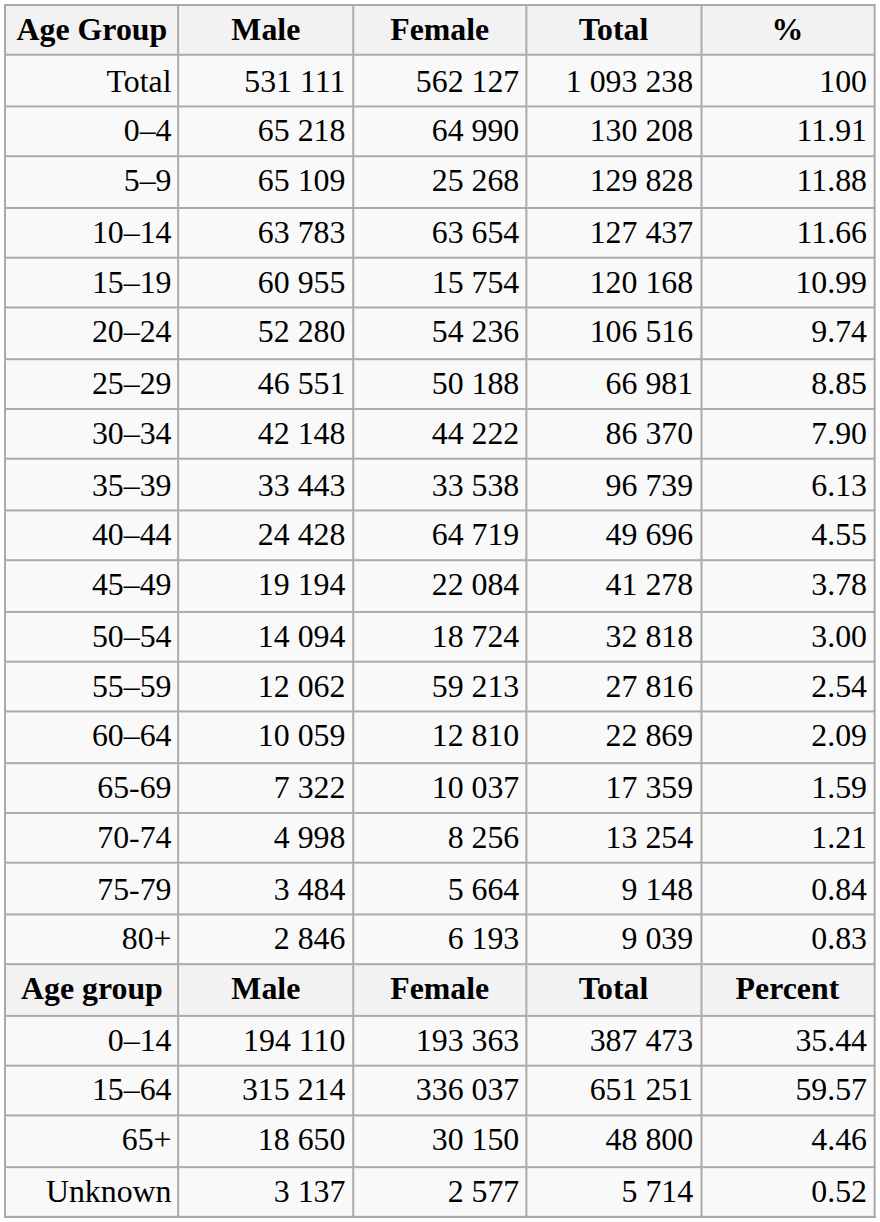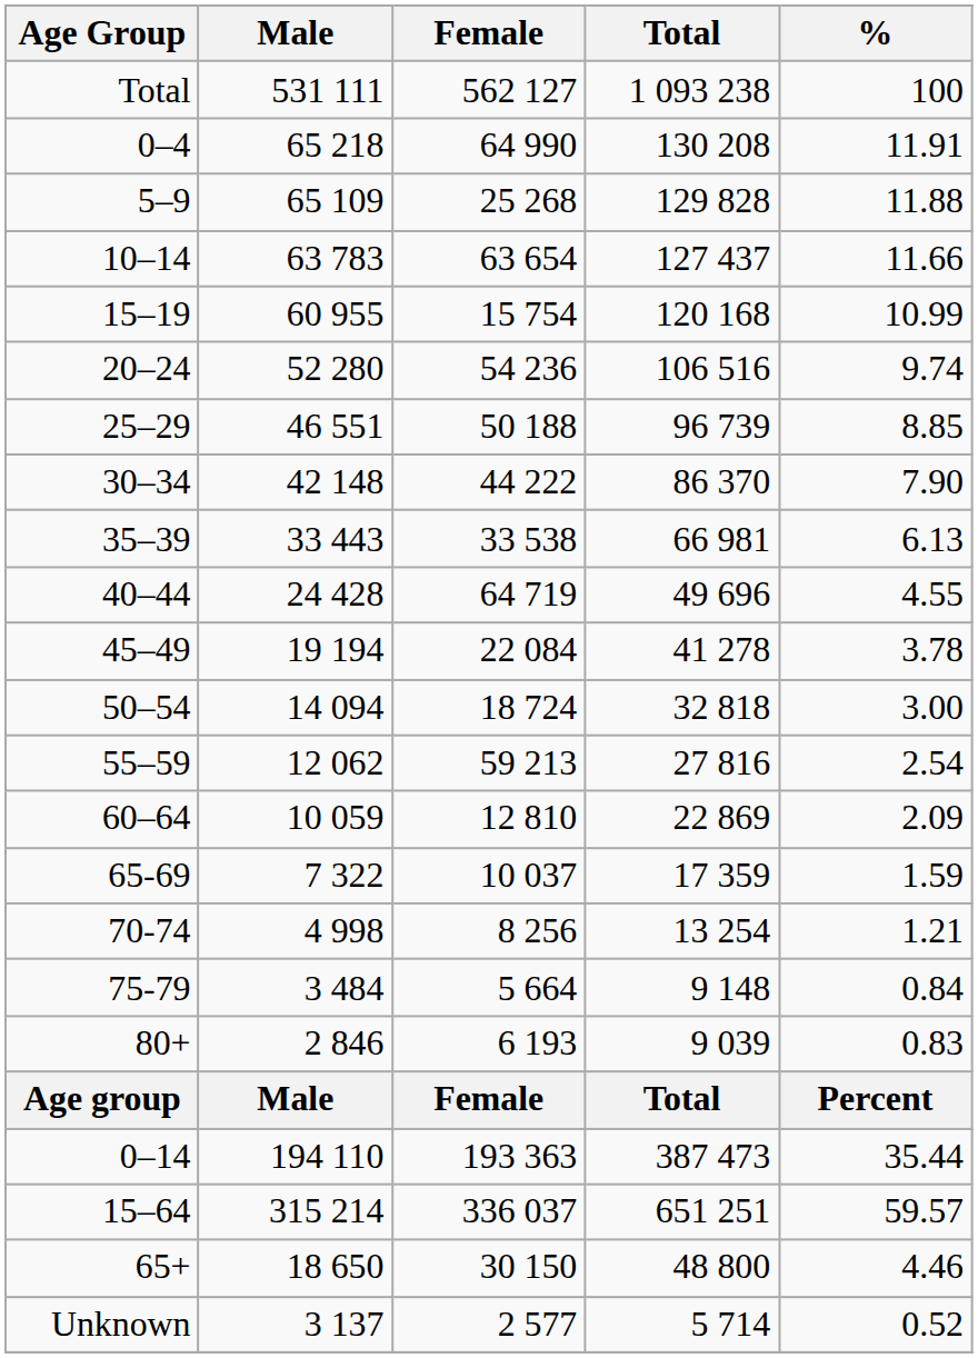 <table class="wikitable">
 <tr>
 <th width="80pt">Age Group</th>
 <th width="80pt">Male</th>
 <th width="80pt">Female</th>
 <th width="80pt">Total</th>
 <th width="80pt">%</th>
 </tr>
 <tr>
 <td align="right">Total</td>
 <td align="right">531 111</td>
 <td align="right">562 127</td>
 <td align="right">1 093 238</td>
 <td align="right">100</td>
 </tr>
 <tr>
 <td align="right">0–4</td>
 <td align="right">65 218</td>
 <td align="right">64 990</td>
 <td align="right">130 208</td>
 <td align="right">11.91</td>
 </tr>
 <tr>
 <td align="right">5–9</td>
 <td align="right">65 109</td>
 <td align="right">25 268</td>
 <td align="right">129 828</td>
 <td align="right">11.88</td>
 </tr>
 <tr>
 <td align="right">10–14</td>
 <td align="right">63 783</td>
 <td align="right">63 654</td>
 <td align="right">127 437</td>
 <td align="right">11.66</td>
 </tr>
 <tr>
 <td align="right">15–19</td>
 <td align="right">60 955</td>
 <td align="right">15 754</td>
 <td align="right">120 168</td>
 <td align="right">10.99</td>
 </tr>
 <tr>
 <td align="right">20–24</td>
 <td align="right">52 280</td>
 <td align="right">54 236</td>
 <td align="right">106 516</td>
 <td align="right">9.74</td>
 </tr>
 <tr>
 <td align="right">25–29</td>
 <td align="right">46 551</td>
 <td align="right">50 188</td>
-<td align="right">66 981</td>
+<td align="right">96 739</td>
 <td align="right">8.85</td>
 </tr>
 <tr>
 <td align="right">30–34</td>
 <td align="right">42 148</td>
 <td align="right">44 222</td>
 <td align="right">86 370</td>
 <td align="right">7.90</td>
 </tr>
 <tr>
 <td align="right">35–39</td>
 <td align="right">33 443</td>
 <td align="right">33 538</td>
-<td align="right">96 739</td>
+<td align="right">66 981</td>
 <td align="right">6.13</td>
 </tr>
 <tr>
 <td align="right">40–44</td>
 <td align="right">24 428</td>
 <td align="right">64 719</td>
 <td align="right">49 696</td>
 <td align="right">4.55</td>
 </tr>
 <tr>
 <td align="right">45–49</td>
 <td align="right">19 194</td>
 <td align="right">22 084</td>
 <td align="right">41 278</td>
 <td align="right">3.78</td>
 </tr>
 <tr>
 <td align="right">50–54</td>
 <td align="right">14 094</td>
 <td align="right">18 724</td>
 <td align="right">32 818</td>
 <td align="right">3.00</td>
 </tr>
 <tr>
 <td align="right">55–59</td>
 <td align="right">12 062</td>
 <td align="right">59 213</td>
 <td align="right">27 816</td>
 <td align="right">2.54</td>
 </tr>
 <tr>
 <td align="right">60–64</td>
 <td align="right">10 059</td>
 <td align="right">12 810</td>
 <td align="right">22 869</td>
 <td align="right">2.09</td>
 </tr>
 <tr>
 <td align="right">65-69</td>
 <td align="right">7 322</td>
 <td align="right">10 037</td>
 <td align="right">17 359</td>
 <td align="right">1.59</td>
 </tr>
 <tr>
 <td align="right">70-74</td>
 <td align="right">4 998</td>
 <td align="right">8 256</td>
 <td align="right">13 254</td>
 <td align="right">1.21</td>
 </tr>
 <tr>
 <td align="right">75-79</td>
 <td align="right">3 484</td>
 <td align="right">5 664</td>
 <td align="right">9 148</td>
 <td align="right">0.84</td>
 </tr>
 <tr>
 <td align="right">80+</td>
 <td align="right">2 846</td>
 <td align="right">6 193</td>
 <td align="right">9 039</td>
 <td align="right">0.83</td>
 </tr>
 <tr>
 <th width="50">Age group</th>
 <th width="80pt">Male</th>
 <th width="80">Female</th>
 <th width="80">Total</th>
 <th width="50">Percent</th>
 </tr>
 <tr>
 <td align="right">0–14</td>
 <td align="right">194 110</td>
 <td align="right">193 363</td>
 <td align="right">387 473</td>
 <td align="right">35.44</td>
 </tr>
 <tr>
 <td align="right">15–64</td>
 <td align="right">315 214</td>
 <td align="right">336 037</td>
 <td align="right">651 251</td>
 <td align="right">59.57</td>
 </tr>
 <tr>
 <td align="right">65+</td>
 <td align="right">18 650</td>
 <td align="right">30 150</td>
 <td align="right">48 800</td>
 <td align="right">4.46</td>
 </tr>
 <tr>
 <td align="right">Unknown</td>
 <td align="right">3 137</td>
 <td align="right">2 577</td>
 <td align="right">5 714</td>
 <td align="right">0.52</td>
 </tr>
 <tr>
 </tr>
 </table>
